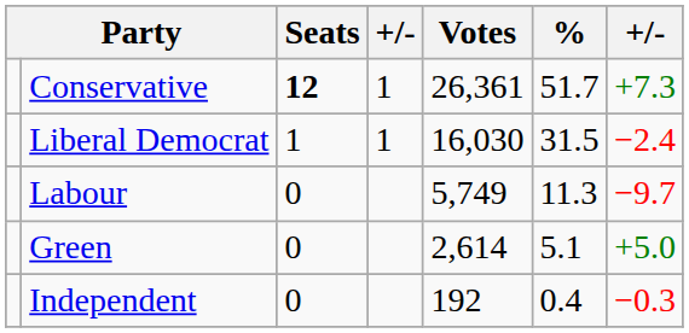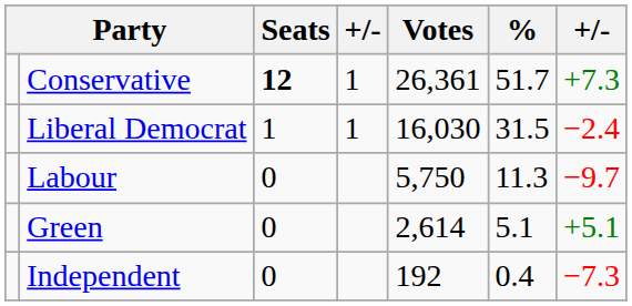 <table class="wikitable sortable">
 <tr>
 <th colspan="2">Party</th>
 <th>Seats</th>
 <th>+/-</th>
 <th>Votes</th>
 <th>%</th>
 <th>+/-</th>
 </tr>
 <tr>
 <td style="background-color: "></td>
 <td><a href='#'>Conservative</a></td>
 <td><strong>12</strong></td>
 <td> 1</td>
 <td>26,361</td>
 <td>51.7</td>
 <td style="color:green">+7.3</td>
 </tr>
 <tr>
 <td style="background-color: "></td>
 <td><a href='#'>Liberal Democrat</a></td>
 <td>1</td>
 <td> 1</td>
 <td>16,030</td>
 <td>31.5</td>
 <td style="color:red">−2.4</td>
 </tr>
 <tr>
 <td style="background-color: "></td>
 <td><a href='#'>Labour</a></td>
 <td>0</td>
 <td></td>
-<td>5,749</td>
+<td>5,750</td>
 <td>11.3</td>
 <td style="color:red">−9.7</td>
 </tr>
 <tr>
 <td style="background-color: "></td>
 <td><a href='#'>Green</a></td>
 <td>0</td>
 <td></td>
 <td>2,614</td>
 <td>5.1</td>
-<td style="color:green">+5.0</td>
+<td style="color:green">+5.1</td>
 </tr>
 <tr>
 <td style="background-color: "></td>
 <td><a href='#'>Independent</a></td>
 <td>0</td>
 <td></td>
 <td>192</td>
 <td>0.4</td>
-<td style="color:red">−0.3</td>
+<td style="color:red">−7.3</td>
 </tr>
 </table>
